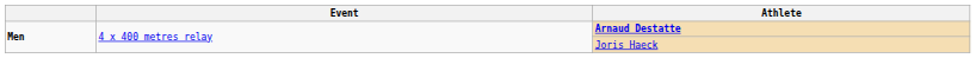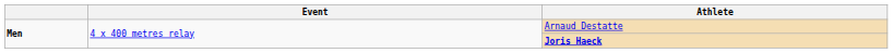 <table class=wikitable style="font-size:90%" width=60%>
 <tr>
 <th></th>
 <th>Event</th>
 <th>Athlete</th>
 </tr>
 <tr>
 <td rowspan=2><strong>Men</strong></td>
 <td rowspan=2><a href='#'>4 x 400 metres relay</a></td>
-<td bgcolor="wheat"><strong><a href='#'>Arnaud Destatte</a></strong></td>
+<td bgcolor="wheat"><a href='#'>Arnaud Destatte</a></td>
 </tr>
 <tr>
-<td bgcolor="wheat"><a href='#'>Joris Haeck</a></td>
+<td bgcolor="wheat"><strong><a href='#'>Joris Haeck</a></strong></td>
 </tr>
 </table>
